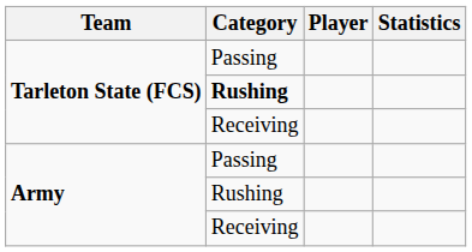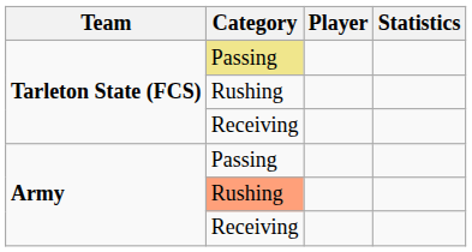 <table class="wikitable" style="float: right;">
 <tr>
 <th>Team</th>
 <th>Category</th>
 <th>Player</th>
 <th>Statistics</th>
 </tr>
 <tr>
 <td rowspan=3><strong>Tarleton State (FCS)</strong></td>
-<td>Passing</td>
+<td style="background: khaki;">Passing</td>
 <td></td>
 <td></td>
 </tr>
 <tr>
-<td><strong>Rushing</strong></td>
+<td>Rushing</td>
 <td></td>
 <td></td>
 </tr>
 <tr>
 <td>Receiving</td>
 <td></td>
 <td></td>
 </tr>
 <tr>
 <td rowspan=3><strong>Army</strong></td>
 <td>Passing</td>
 <td></td>
 <td></td>
 </tr>
 <tr>
-<td>Rushing</td>
+<td style="background: lightsalmon;">Rushing</td>
 <td></td>
 <td></td>
 </tr>
 <tr>
 <td>Receiving</td>
 <td></td>
 <td></td>
 </tr>
 </table>
